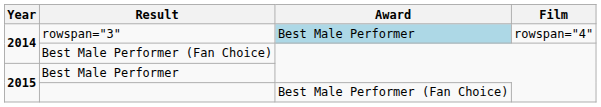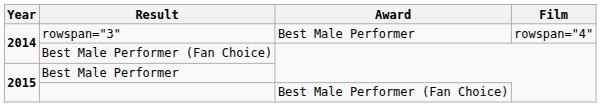 <table class="wikitable">
 <tr>
 <th>Year</th>
 <th>Result</th>
 <th>Award</th>
 <th>Film</th>
 </tr>
 <tr>
 <td rowspan="2"><strong>2014</strong></td>
 <td>rowspan="3" </td>
-<td style="background: lightblue;">Best Male Performer</td>
+<td>Best Male Performer</td>
 <td>rowspan="4" </td>
 </tr>
 <tr>
 <td>Best Male Performer (Fan Choice)</td>
 </tr>
 <tr>
 <td rowspan="2"><strong>2015</strong></td>
 <td>Best Male Performer</td>
 </tr>
 <tr>
 <td></td>
 <td>Best Male Performer (Fan Choice)</td>
 </tr>
 </table>
